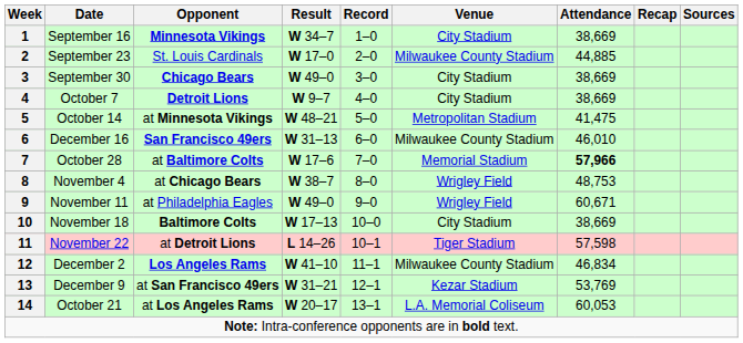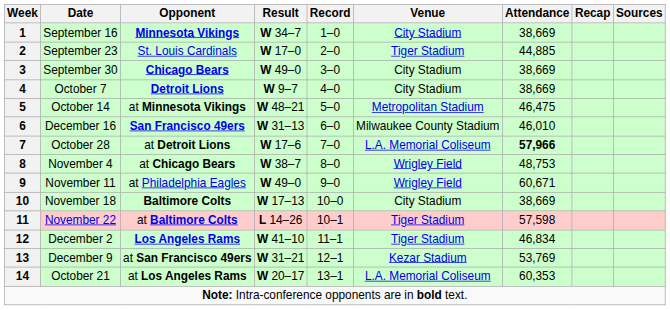 <table class="wikitable" style="text-align:center">
 <tr>
 <th>Week</th>
 <th>Date</th>
 <th>Opponent</th>
 <th>Result</th>
 <th>Record</th>
 <th>Venue</th>
 <th>Attendance</th>
 <th>Recap</th>
 <th>Sources</th>
 </tr>
 <tr style="background:#cfc">
 <th>1</th>
 <td>September 16</td>
 <td><strong><a href='#'>Minnesota Vikings</a></strong></td>
 <td><strong>W</strong> 34–7</td>
 <td>1–0</td>
 <td><a href='#'>City Stadium</a></td>
 <td>38,669</td>
 <td></td>
 <td></td>
 </tr>
 <tr style="background:#cfc">
 <th>2</th>
 <td>September 23</td>
 <td><a href='#'>St. Louis Cardinals</a></td>
 <td><strong>W</strong> 17–0</td>
 <td>2–0</td>
-<td><a href='#'>Milwaukee County Stadium</a></td>
+<td><a href='#'>Tiger Stadium</a></td>
 <td>44,885</td>
 <td></td>
 <td></td>
 </tr>
 <tr style="background:#cfc">
 <th>3</th>
 <td>September 30</td>
 <td><strong><a href='#'>Chicago Bears</a></strong></td>
 <td><strong>W</strong> 49–0</td>
 <td>3–0</td>
 <td>City Stadium</td>
 <td>38,669</td>
 <td></td>
 <td></td>
 </tr>
 <tr style="background:#cfc">
 <th>4</th>
 <td>October 7</td>
 <td><strong><a href='#'>Detroit Lions</a></strong></td>
 <td><strong>W</strong> 9–7</td>
 <td>4–0</td>
 <td>City Stadium</td>
 <td>38,669</td>
 <td></td>
 <td></td>
 </tr>
 <tr style="background:#cfc">
 <th>5</th>
 <td>October 14</td>
 <td>at <strong>Minnesota Vikings</strong></td>
 <td><strong>W</strong> 48–21</td>
 <td>5–0</td>
 <td><a href='#'>Metropolitan Stadium</a></td>
-<td>41,475</td>
+<td>46,475</td>
 <td></td>
 <td></td>
 </tr>
 <tr style="background:#cfc">
 <th>6</th>
 <td>December 16</td>
 <td><strong><a href='#'>San Francisco 49ers</a></strong></td>
 <td><strong>W</strong> 31–13</td>
 <td>6–0</td>
 <td>Milwaukee County Stadium</td>
 <td>46,010</td>
 <td></td>
 <td></td>
 </tr>
 <tr style="background:#cfc">
 <th>7</th>
 <td>October 28</td>
-<td>at <strong><a href='#'>Baltimore Colts</a></strong></td>
+<td>at <strong>Detroit Lions</strong></td>
 <td><strong>W</strong> 17–6</td>
 <td>7–0</td>
-<td><a href='#'>Memorial Stadium</a></td>
+<td><a href='#'>L.A. Memorial Coliseum</a></td>
 <td><strong>57,966</strong></td>
 <td></td>
 <td></td>
 </tr>
 <tr style="background:#cfc">
 <th>8</th>
 <td>November 4</td>
 <td>at <strong>Chicago Bears</strong></td>
 <td><strong>W</strong> 38–7</td>
 <td>8–0</td>
 <td><a href='#'>Wrigley Field</a></td>
 <td>48,753</td>
 <td></td>
 <td></td>
 </tr>
 <tr style="background:#cfc">
 <th>9</th>
 <td>November 11</td>
 <td>at <a href='#'>Philadelphia Eagles</a></td>
 <td><strong>W</strong> 49–0</td>
 <td>9–0</td>
 <td><a href='#'>Wrigley Field</a></td>
 <td>60,671</td>
 <td></td>
 <td></td>
 </tr>
 <tr style="background:#cfc">
 <th>10</th>
 <td>November 18</td>
 <td><strong>Baltimore Colts</strong></td>
 <td><strong>W</strong> 17–13</td>
 <td>10–0</td>
 <td>City Stadium</td>
 <td>38,669</td>
 <td></td>
 <td></td>
 </tr>
 <tr style="background:#fcc">
 <th>11</th>
 <td><a href='#'>November 22</a></td>
-<td>at <strong>Detroit Lions</strong></td>
+<td>at <strong><a href='#'>Baltimore Colts</a></strong></td>
 <td><strong>L</strong> 14–26</td>
 <td>10–1</td>
 <td><a href='#'>Tiger Stadium</a></td>
 <td>57,598</td>
 <td></td>
 <td></td>
 </tr>
 <tr style="background:#cfc">
 <th>12</th>
 <td>December 2</td>
 <td><strong><a href='#'>Los Angeles Rams</a></strong></td>
 <td><strong>W</strong> 41–10</td>
 <td>11–1</td>
-<td>Milwaukee County Stadium</td>
+<td><a href='#'>Tiger Stadium</a></td>
 <td>46,834</td>
 <td></td>
 <td></td>
 </tr>
 <tr style="background:#cfc">
 <th>13</th>
 <td>December 9</td>
 <td>at <strong>San Francisco 49ers</strong></td>
 <td><strong>W</strong> 31–21</td>
 <td>12–1</td>
 <td><a href='#'>Kezar Stadium</a></td>
 <td>53,769</td>
 <td></td>
 <td></td>
 </tr>
 <tr style="background:#cfc">
 <th>14</th>
 <td>October 21</td>
 <td>at <strong>Los Angeles Rams</strong></td>
 <td><strong>W</strong> 20–17</td>
 <td>13–1</td>
 <td><a href='#'>L.A. Memorial Coliseum</a></td>
-<td>60,053</td>
+<td>60,353</td>
 <td></td>
 <td></td>
 </tr>
 <tr>
 <td colspan="10"><strong>Note:</strong> Intra-conference opponents are in <strong>bold</strong> text.</td>
 </tr>
 </table>
